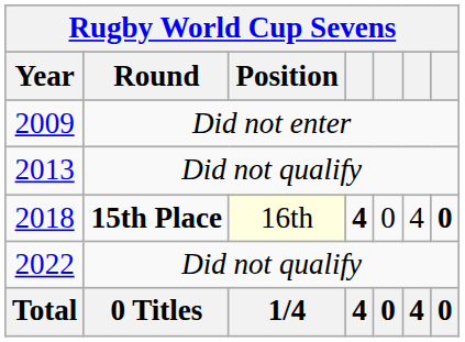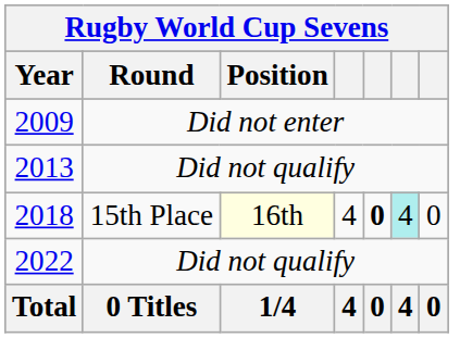 <table class="wikitable" style="text-align: center;">
 <tr>
 <th colspan=7><a href='#'>Rugby World Cup Sevens</a></th>
 </tr>
 <tr>
 <th>Year</th>
 <th>Round</th>
 <th>Position</th>
 <th></th>
 <th></th>
 <th></th>
 <th></th>
 </tr>
 <tr>
 <td> <a href='#'>2009</a></td>
 <td colspan=6><em>Did not enter</em></td>
 </tr>
 <tr>
 <td> <a href='#'>2013</a></td>
 <td colspan=6><em>Did not qualify</em></td>
 </tr>
 <tr>
 <td> <a href='#'>2018</a></td>
-<td><strong>15th Place</strong></td>
+<td>15th Place</td>
 <td style="background: lightyellow;">16th</td>
-<td><strong>4</strong></td>
-<td>0</td>
 <td>4</td>
 <td><strong>0</strong></td>
+<td style="background: paleturquoise;">4</td>
+<td>0</td>
 </tr>
 <tr>
 <td> <a href='#'>2022</a></td>
 <td colspan="6"><em>Did not qualify</em></td>
 </tr>
 <tr>
 <th>Total</th>
 <th>0 Titles</th>
 <th>1/4</th>
 <th>4</th>
 <th>0</th>
 <th>4</th>
 <th>0</th>
 </tr>
 </table>
